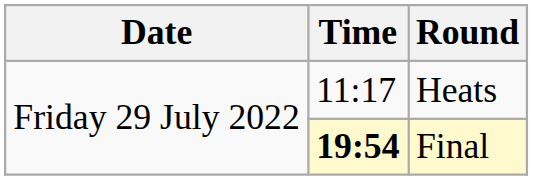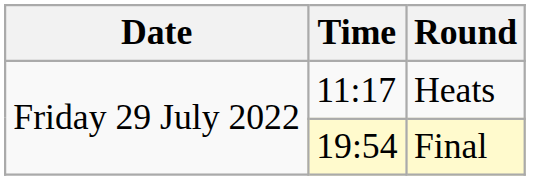 <table class="wikitable">
 <tr>
 <th>Date</th>
 <th>Time</th>
 <th>Round</th>
 </tr>
 <tr>
 <td rowspan=2>Friday 29 July 2022</td>
 <td>11:17</td>
 <td>Heats</td>
 </tr>
 <tr>
-<td style=background:lemonchiffon><strong>19:54</strong></td>
+<td style=background:lemonchiffon>19:54</td>
 <td style=background:lemonchiffon>Final</td>
 </tr>
 </table>
